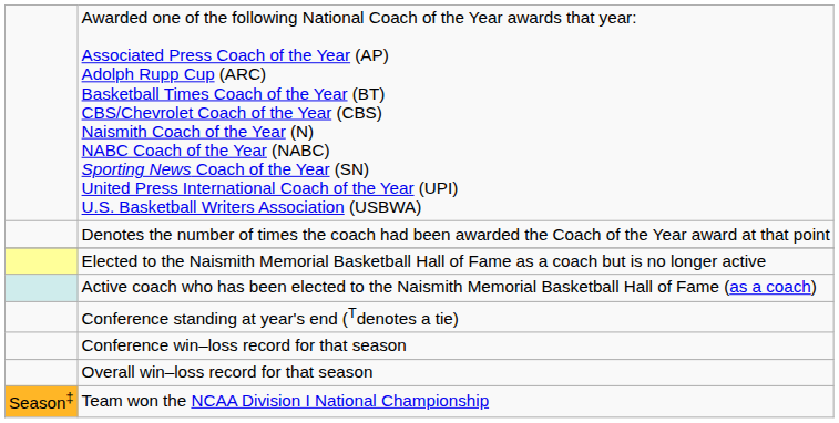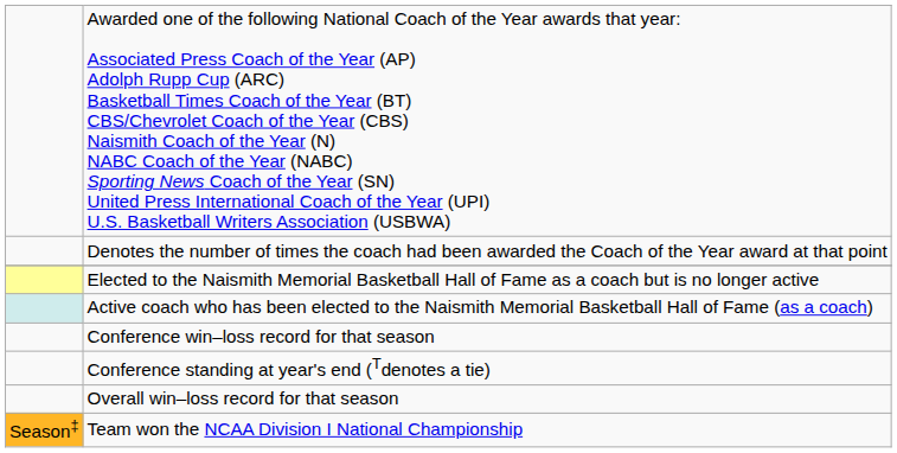 <table class="wikitable">
 <tr>
 <td></td>
 <td>Awarded one of the following National Coach of the Year awards that year:<br><br><a href='#'>Associated Press Coach of the Year</a> (AP)<br> <a href='#'>Adolph Rupp Cup</a> (ARC)<br> <a href='#'>Basketball Times Coach of the Year</a> (BT)<br> <a href='#'>CBS/Chevrolet Coach of the Year</a> (CBS)<br> <a href='#'>Naismith Coach of the Year</a> (N)<br> <a href='#'>NABC Coach of the Year</a> (NABC)<br> <a href='#'><em>Sporting News</em> Coach of the Year</a> (SN)<br> <a href='#'>United Press International Coach of the Year</a> (UPI)<br> <a href='#'>U.S. Basketball Writers Association</a> (USBWA)</td>
 </tr>
 <tr>
 <td></td>
 <td>Denotes the number of times the coach had been awarded the Coach of the Year award at that point</td>
 </tr>
 <tr>
 </tr>
 <tr>
 <td style="background-color:#FFFF99; width:3em"></td>
 <td>Elected to the Naismith Memorial Basketball Hall of Fame as a coach but is no longer active</td>
 </tr>
 <tr>
 <td style="background-color:#CFECEC; width:3em"></td>
 <td>Active coach who has been elected to the Naismith Memorial Basketball Hall of Fame (<a href='#'>as a coach</a>)</td>
 </tr>
 <tr>
 <td></td>
-<td>Conference standing at year's end (<sup>T</sup>denotes a tie)</td>
+<td>Conference win–loss record for that season</td>
 </tr>
 <tr>
 <td></td>
-<td>Conference win–loss record for that season</td>
+<td>Conference standing at year's end (<sup>T</sup>denotes a tie)</td>
 </tr>
 <tr>
 <td></td>
 <td>Overall win–loss record for that season</td>
 </tr>
 <tr>
 <td style="background-color:#ffb626; width:3em">Season<sup>‡</sup></td>
 <td>Team won the <a href='#'>NCAA Division I National Championship</a></td>
 </tr>
 </table>
